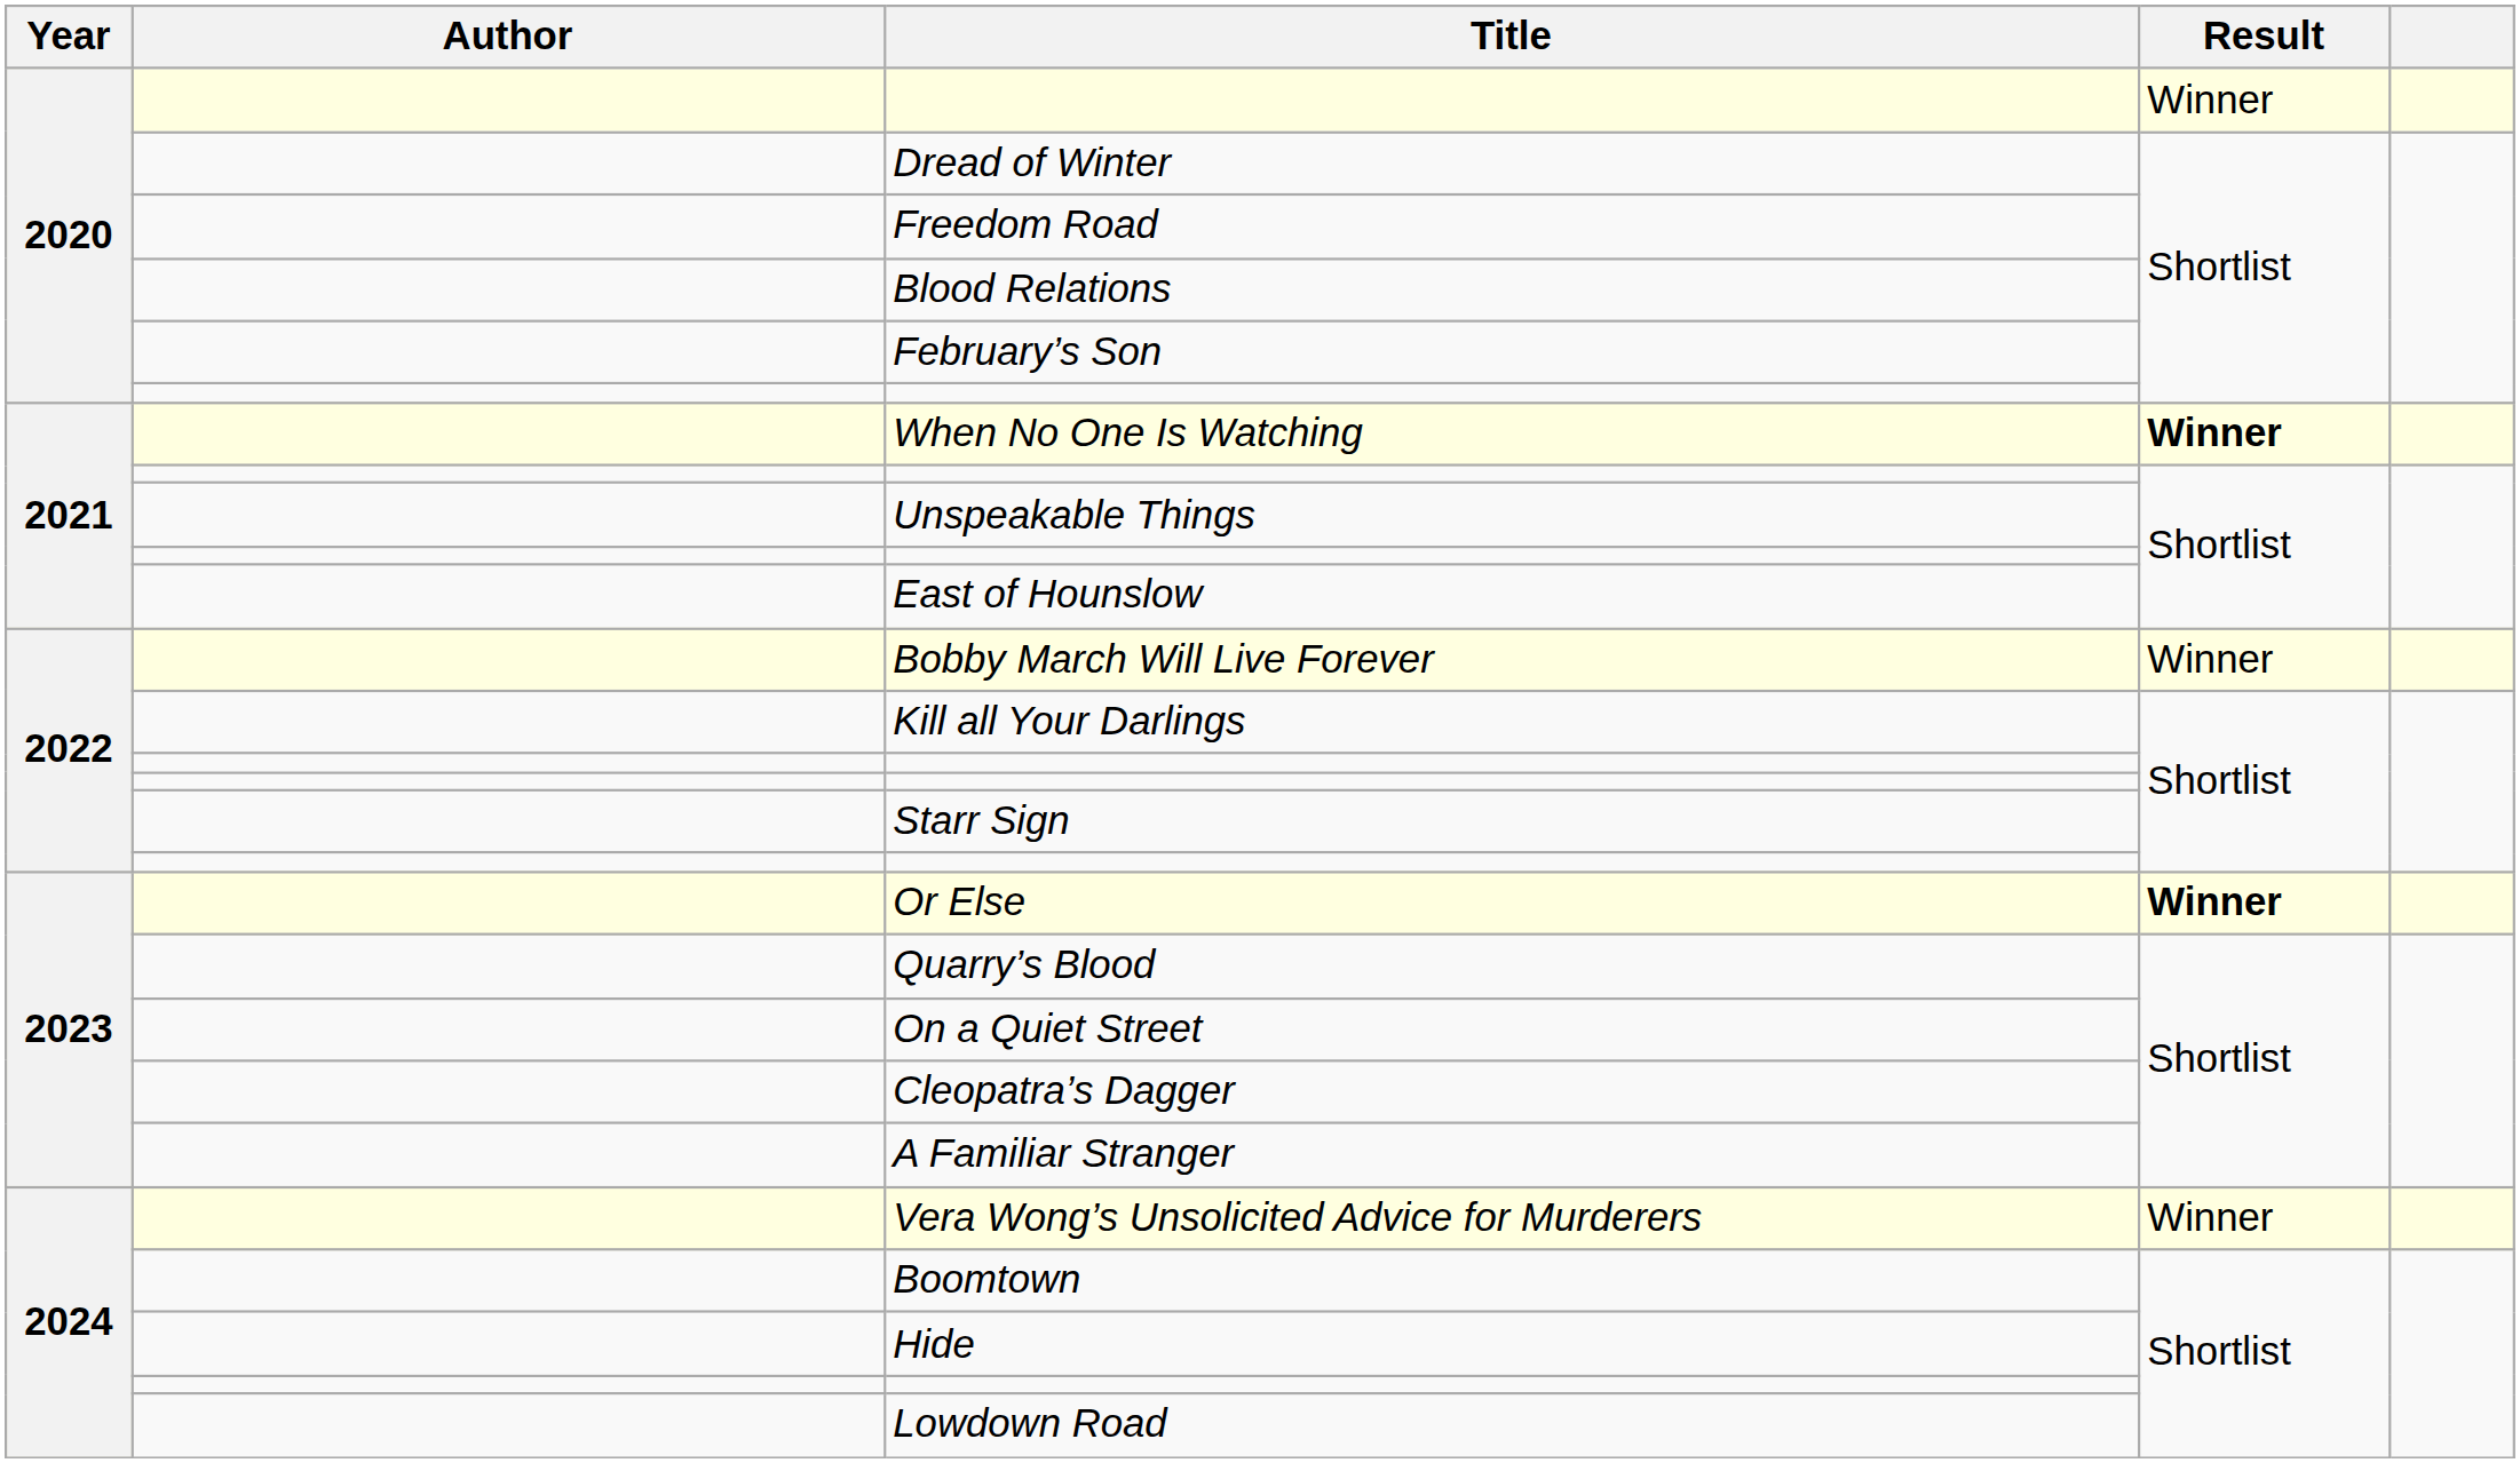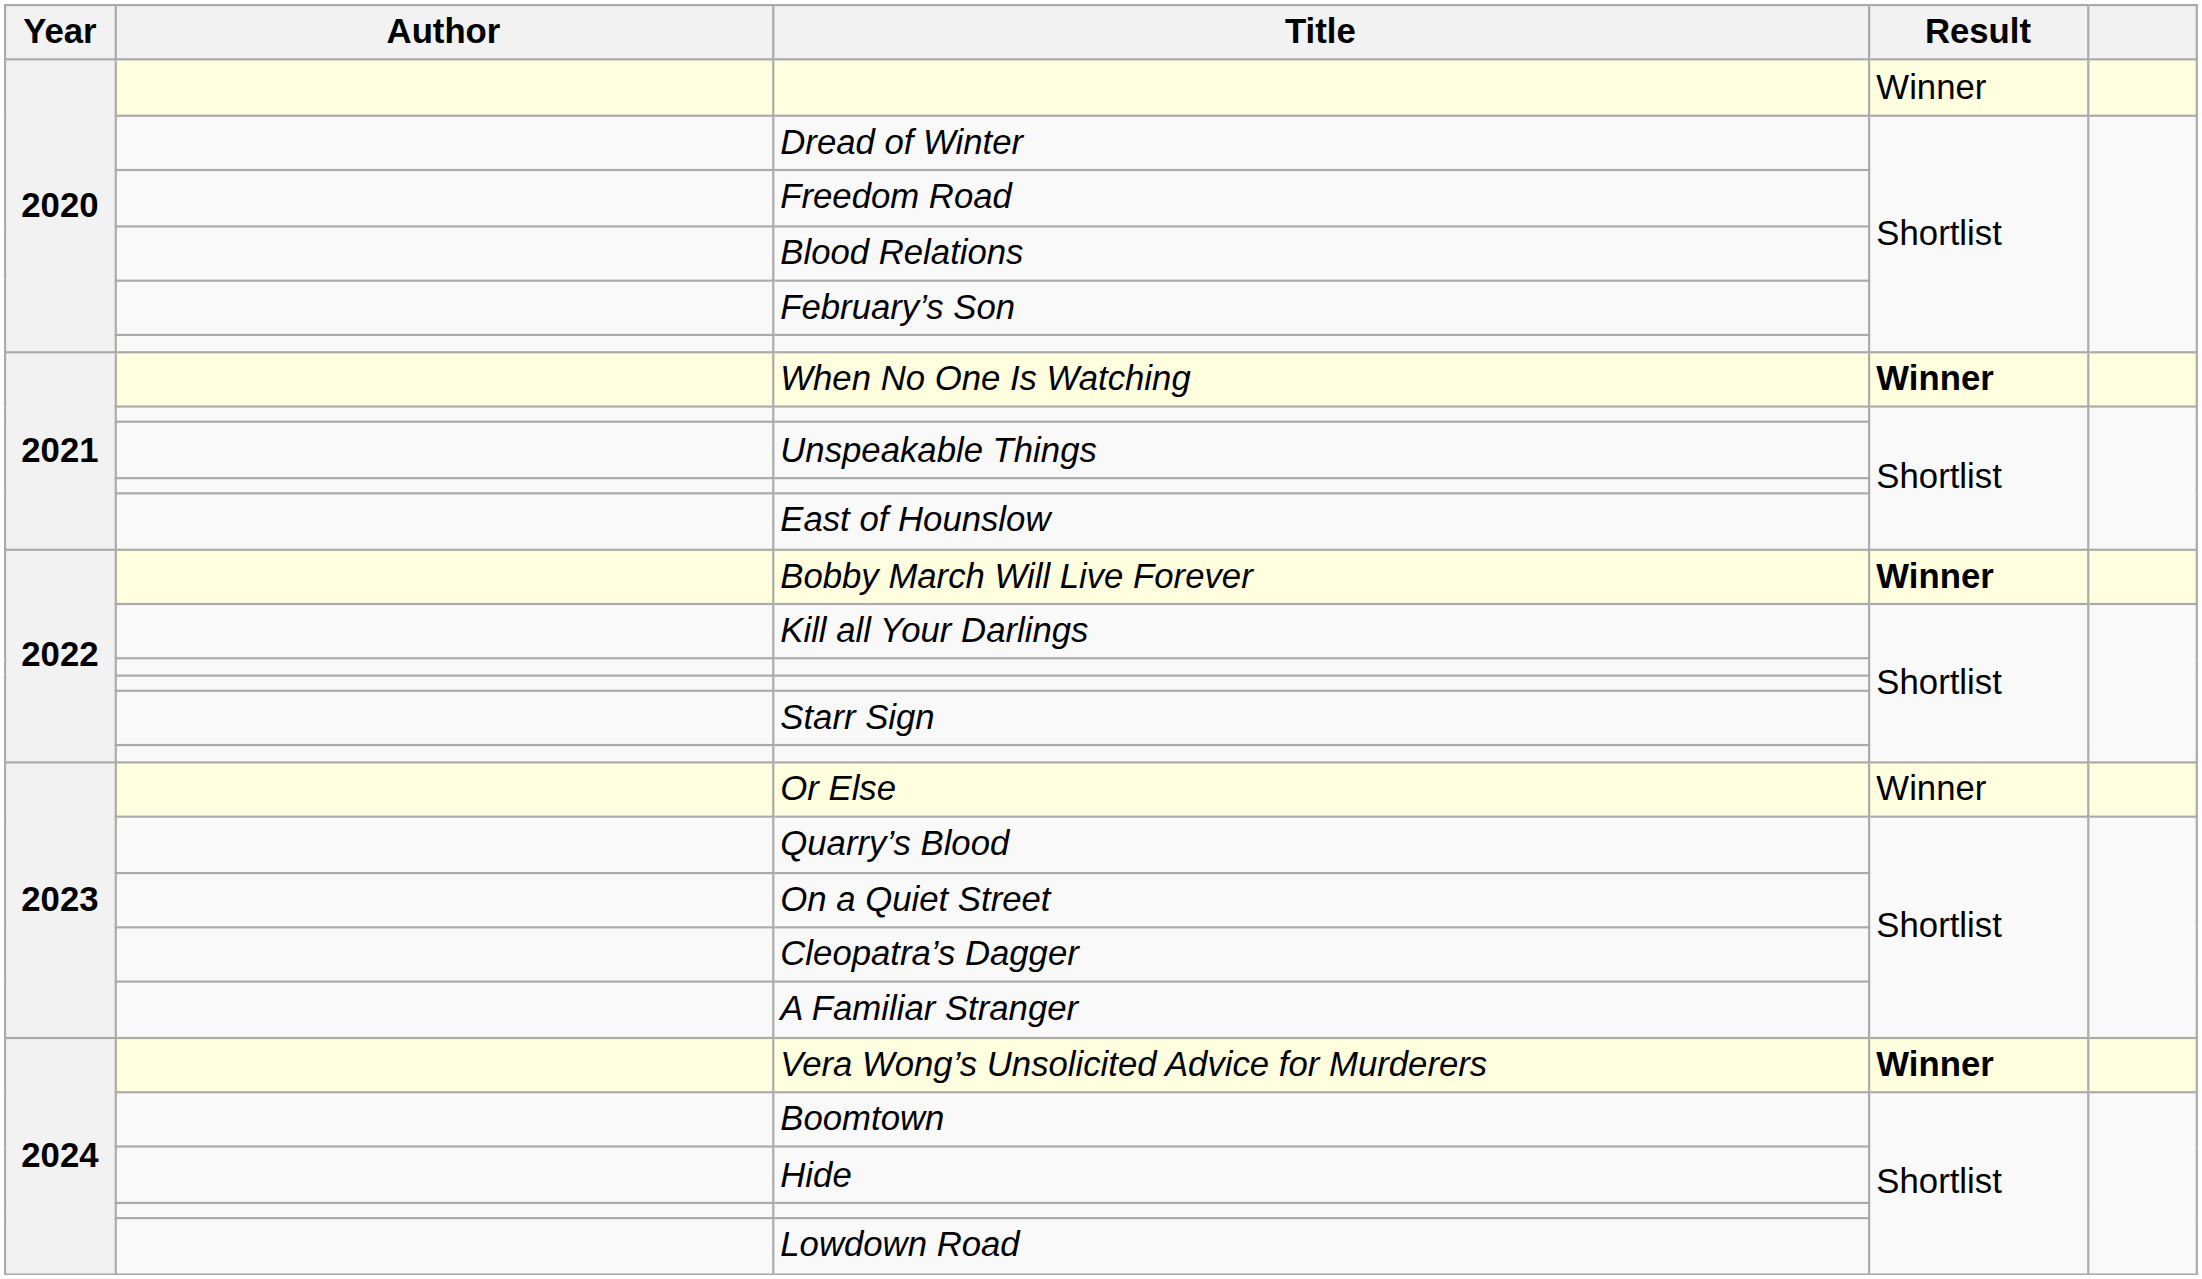 <table class="wikitable sortable mw-collapsible" style="width:80%">
 <tr>
 <th scope="col" width="5%">Year</th>
 <th scope="col" width="30%">Author</th>
 <th scope="col" width="50%">Title</th>
 <th scope="col" width="10%">Result</th>
 <th scope="col" width="5%"></th>
 </tr>
 <tr style="background:lightyellow;">
 <th rowspan="6">2020</th>
 <td></td>
 <td><em></em></td>
 <td>Winner</td>
 <td></td>
 </tr>
 <tr>
 <td></td>
 <td><em>Dread of Winter</em></td>
 <td rowspan="5">Shortlist</td>
 <td rowspan="5"></td>
 </tr>
 <tr>
 <td></td>
 <td><em>Freedom Road</em></td>
 </tr>
 <tr>
 <td></td>
 <td><em>Blood Relations</em></td>
 </tr>
 <tr>
 <td></td>
 <td><em>February’s Son</em></td>
 </tr>
 <tr>
 <td></td>
 <td><em></em></td>
 </tr>
 <tr style="background:lightyellow;">
 <th rowspan="5">2021</th>
 <td></td>
 <td><em>When No One Is Watching</em></td>
 <td><strong>Winner</strong></td>
 <td></td>
 </tr>
 <tr>
 <td></td>
 <td><em></em></td>
 <td rowspan="4">Shortlist</td>
 <td rowspan="4"></td>
 </tr>
 <tr>
 <td></td>
 <td><em>Unspeakable Things</em></td>
 </tr>
 <tr>
 <td></td>
 <td><em></em></td>
 </tr>
 <tr>
 <td></td>
 <td><em>East of Hounslow</em></td>
 </tr>
 <tr style="background:lightyellow;">
 <th rowspan="6">2022</th>
 <td></td>
 <td><em>Bobby March Will Live Forever</em></td>
-<td>Winner</td>
+<td><strong>Winner</strong></td>
 <td></td>
 </tr>
 <tr>
 <td></td>
 <td><em>Kill all Your Darlings</em></td>
 <td rowspan="5">Shortlist</td>
 <td rowspan="5"></td>
 </tr>
 <tr>
 <td></td>
 <td><em></em></td>
 </tr>
 <tr>
 <td></td>
 <td><em></em></td>
 </tr>
 <tr>
 <td></td>
 <td><em>Starr Sign</em></td>
 </tr>
 <tr>
 <td></td>
 <td><em></em></td>
 </tr>
 <tr style="background:lightyellow;">
 <th rowspan="5">2023</th>
 <td></td>
 <td><em>Or Else</em></td>
-<td><strong>Winner</strong></td>
+<td>Winner</td>
 <td></td>
 </tr>
 <tr>
 <td></td>
 <td><em>Quarry’s Blood</em></td>
 <td rowspan="4">Shortlist</td>
 <td rowspan="4"></td>
 </tr>
 <tr>
 <td></td>
 <td><em>On a Quiet Street</em></td>
 </tr>
 <tr>
 <td></td>
 <td><em>Cleopatra’s Dagger</em></td>
 </tr>
 <tr>
 <td></td>
 <td><em>A Familiar Stranger</em></td>
 </tr>
 <tr style="background:lightyellow;">
 <th rowspan="5">2024</th>
 <td></td>
 <td><em>Vera Wong’s Unsolicited Advice for Murderers</em></td>
-<td>Winner</td>
+<td><strong>Winner</strong></td>
 <td></td>
 </tr>
 <tr>
 <td></td>
 <td><em>Boomtown</em></td>
 <td rowspan="4">Shortlist</td>
 <td rowspan="4"></td>
 </tr>
 <tr>
 <td></td>
 <td><em>Hide</em></td>
 </tr>
 <tr>
 <td></td>
 <td></td>
 </tr>
 <tr>
 <td></td>
 <td><em>Lowdown Road</em></td>
 </tr>
 </table>
